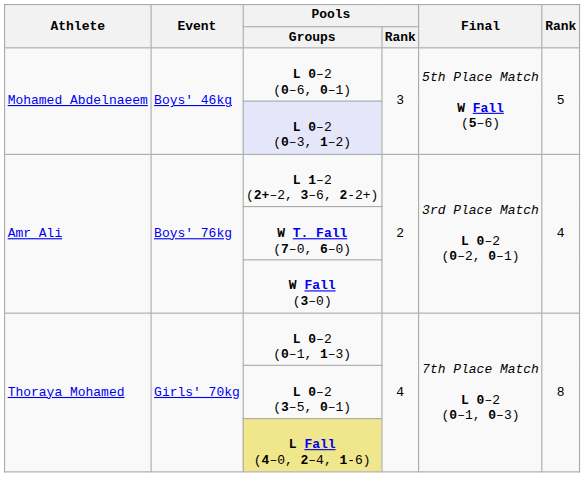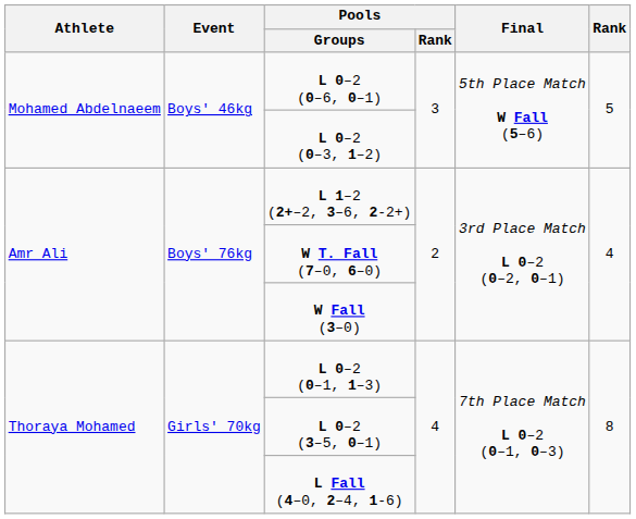 <table class="wikitable" style="text-align:left; font-size:90%">
 <tr>
 <th rowspan="2">Athlete</th>
 <th rowspan="2">Event</th>
 <th colspan="2">Pools</th>
 <th rowspan="2">Final</th>
 <th rowspan="2">Rank</th>
 </tr>
 <tr>
 <th>Groups</th>
 <th>Rank</th>
 </tr>
 <tr>
 <td rowspan="2"><a href='#'>Mohamed Abdelnaeem</a></td>
 <td rowspan="2"><a href='#'>Boys' 46kg</a></td>
 <td align=center><br><strong>L</strong> <strong>0</strong>–2<br>(<strong>0</strong>–6, <strong>0</strong>–1)</td>
 <td rowspan="2" align=center>3</td>
 <td align=center rowspan=2><em>5th Place Match</em><br><br><strong>W</strong> <strong><a href='#'>Fall</a></strong><br>(<strong>5</strong>–6)</td>
 <td rowspan="2" align="center">5</td>
 </tr>
 <tr>
-<td align=center style="background: lavender;"><br><strong>L</strong> <strong>0</strong>–2<br>(<strong>0</strong>–3, <strong>1</strong>–2)</td>
+<td align=center><br><strong>L</strong> <strong>0</strong>–2<br>(<strong>0</strong>–3, <strong>1</strong>–2)</td>
 </tr>
 <tr>
 <td rowspan="3"><a href='#'>Amr Ali</a></td>
 <td rowspan="3"><a href='#'>Boys' 76kg</a></td>
 <td align=center><br><strong>L</strong> <strong>1</strong>–2<br>(<strong>2+</strong>–2, <strong>3</strong>–6, <strong>2</strong>-2+)</td>
 <td rowspan="3" align=center>2</td>
 <td align=center rowspan=3><em>3rd Place Match</em><br><br><strong>L</strong> <strong>0</strong>–2<br>(<strong>0</strong>–2, <strong>0</strong>–1)</td>
 <td rowspan="3" align="center">4</td>
 </tr>
 <tr>
 <td align=center><br><strong>W</strong> <strong><a href='#'>T. Fall</a></strong><br>(<strong>7</strong>–0, <strong>6</strong>–0)</td>
 </tr>
 <tr>
 <td align=center><br><strong>W</strong> <strong><a href='#'>Fall</a></strong><br>(<strong>3</strong>–0)</td>
 </tr>
 <tr>
 <td rowspan="3"><a href='#'>Thoraya Mohamed</a></td>
 <td rowspan="3"><a href='#'>Girls' 70kg</a></td>
 <td align=center><br><strong>L</strong> <strong>0</strong>–2<br>(<strong>0</strong>–1, <strong>1</strong>–3)</td>
 <td rowspan="3" align=center>4</td>
 <td align=center rowspan=3><em>7th Place Match</em><br><br><strong>L</strong> <strong>0</strong>–2<br>(<strong>0</strong>–1, <strong>0</strong>–3)</td>
 <td rowspan="3" align="center">8</td>
 </tr>
 <tr>
 <td align=center><br><strong>L</strong> <strong>0</strong>–2<br>(<strong>3</strong>–5, <strong>0</strong>–1)</td>
 </tr>
 <tr>
-<td align=center style="background: khaki;"><br><strong>L</strong> <strong><a href='#'>Fall</a></strong><br>(<strong>4</strong>–0, <strong>2</strong>–4, <strong>1</strong>-6)</td>
+<td align=center><br><strong>L</strong> <strong><a href='#'>Fall</a></strong><br>(<strong>4</strong>–0, <strong>2</strong>–4, <strong>1</strong>-6)</td>
 </tr>
 </table>
